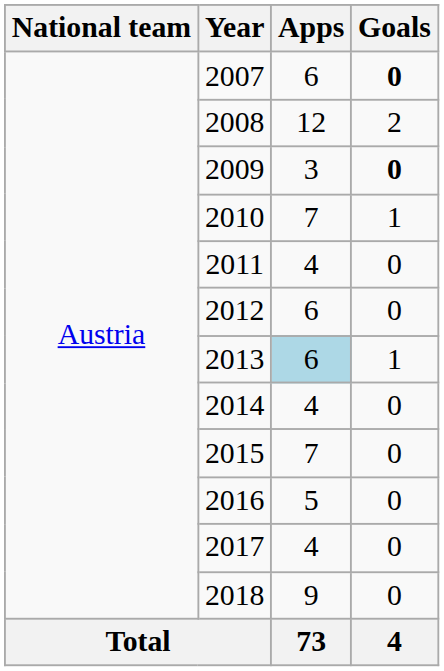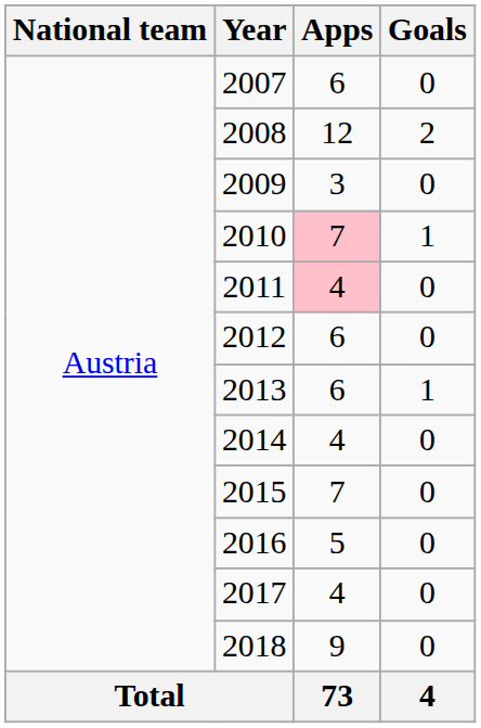 <table class="wikitable" style="text-align:center">
 <tr>
 <th>National team</th>
 <th>Year</th>
 <th>Apps</th>
 <th>Goals</th>
 </tr>
 <tr>
 <td rowspan="12"><a href='#'>Austria</a></td>
 <td>2007</td>
 <td>6</td>
-<td><strong>0</strong></td>
+<td>0</td>
 </tr>
 <tr>
 <td>2008</td>
 <td>12</td>
 <td>2</td>
 </tr>
 <tr>
 <td>2009</td>
 <td>3</td>
-<td><strong>0</strong></td>
+<td>0</td>
 </tr>
 <tr>
 <td>2010</td>
-<td>7</td>
+<td style="background: pink;">7</td>
 <td>1</td>
 </tr>
 <tr>
 <td>2011</td>
-<td>4</td>
+<td style="background: pink;">4</td>
 <td>0</td>
 </tr>
 <tr>
 <td>2012</td>
 <td>6</td>
 <td>0</td>
 </tr>
 <tr>
 <td>2013</td>
-<td style="background: lightblue;">6</td>
+<td>6</td>
 <td>1</td>
 </tr>
 <tr>
 <td>2014</td>
 <td>4</td>
 <td>0</td>
 </tr>
 <tr>
 <td>2015</td>
 <td>7</td>
 <td>0</td>
 </tr>
 <tr>
 <td>2016</td>
 <td>5</td>
 <td>0</td>
 </tr>
 <tr>
 <td>2017</td>
 <td>4</td>
 <td>0</td>
 </tr>
 <tr>
 <td>2018</td>
 <td>9</td>
 <td>0</td>
 </tr>
 <tr>
 <th colspan="2">Total</th>
 <th>73</th>
 <th>4</th>
 </tr>
 </table>
